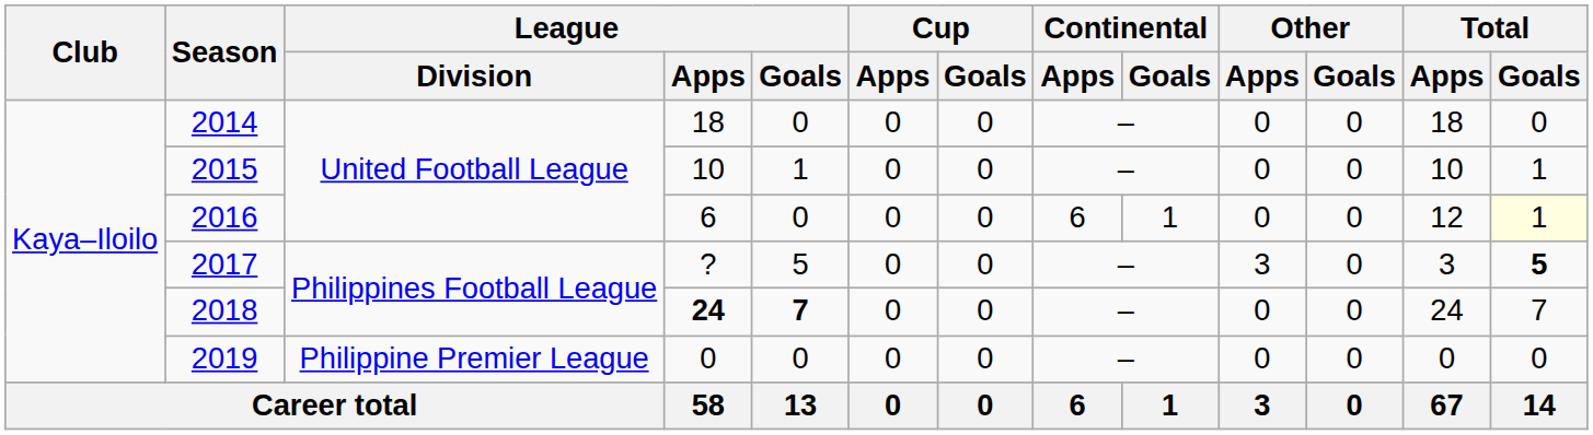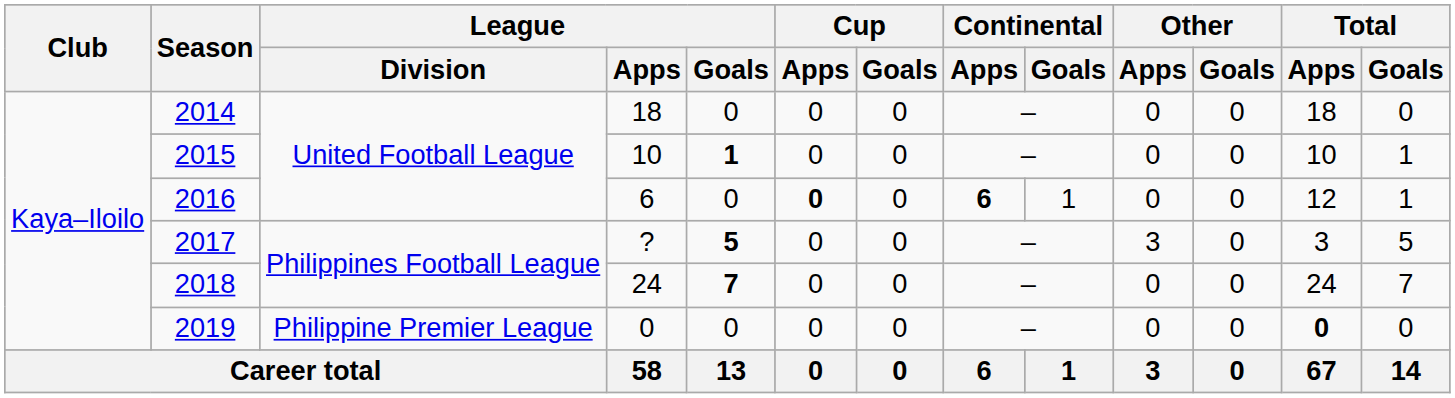 <table class="wikitable" style="text-align: center">
 <tr>
 <th rowspan="2">Club</th>
 <th rowspan="2">Season</th>
 <th colspan="3">League</th>
 <th colspan="2">Cup</th>
 <th colspan="2">Continental</th>
 <th colspan="2">Other</th>
 <th colspan="2">Total</th>
 </tr>
 <tr>
 <th>Division</th>
 <th>Apps</th>
 <th>Goals</th>
 <th>Apps</th>
 <th>Goals</th>
 <th>Apps</th>
 <th>Goals</th>
 <th>Apps</th>
 <th>Goals</th>
 <th>Apps</th>
 <th>Goals</th>
 </tr>
 <tr>
 <td rowspan="6"><a href='#'>Kaya–Iloilo</a></td>
 <td><a href='#'>2014</a></td>
 <td rowspan="3"><a href='#'>United Football League</a></td>
 <td>18</td>
 <td>0</td>
 <td>0</td>
 <td>0</td>
 <td colspan="2">–</td>
 <td>0</td>
 <td>0</td>
 <td>18</td>
 <td>0</td>
 </tr>
 <tr>
 <td><a href='#'>2015</a></td>
 <td>10</td>
-<td>1</td>
+<td><strong>1</strong></td>
 <td>0</td>
 <td>0</td>
 <td colspan="2">–</td>
 <td>0</td>
 <td>0</td>
 <td>10</td>
 <td>1</td>
 </tr>
 <tr>
 <td><a href='#'>2016</a></td>
 <td>6</td>
 <td>0</td>
+<td><strong>0</strong></td>
 <td>0</td>
-<td>0</td>
-<td>6</td>
+<td><strong>6</strong></td>
 <td>1</td>
 <td>0</td>
 <td>0</td>
 <td>12</td>
-<td style="background: lightyellow;">1</td>
+<td>1</td>
 </tr>
 <tr>
 <td><a href='#'>2017</a></td>
 <td rowspan="2"><a href='#'>Philippines Football League</a></td>
 <td>?</td>
-<td>5</td>
+<td><strong>5</strong></td>
 <td>0</td>
 <td>0</td>
 <td colspan="2">–</td>
 <td>3</td>
 <td>0</td>
 <td>3</td>
-<td><strong>5</strong></td>
+<td>5</td>
 </tr>
 <tr>
 <td><a href='#'>2018</a></td>
-<td><strong>24</strong></td>
+<td>24</td>
 <td><strong>7</strong></td>
 <td>0</td>
 <td>0</td>
 <td colspan="2">–</td>
 <td>0</td>
 <td>0</td>
 <td>24</td>
 <td>7</td>
 </tr>
 <tr>
 <td><a href='#'>2019</a></td>
 <td><a href='#'>Philippine Premier League</a></td>
 <td>0</td>
 <td>0</td>
 <td>0</td>
 <td>0</td>
 <td colspan="2">–</td>
 <td>0</td>
 <td>0</td>
-<td>0</td>
+<td><strong>0</strong></td>
 <td>0</td>
 </tr>
 <tr>
 <th colspan=3>Career total</th>
 <th>58</th>
 <th>13</th>
 <th>0</th>
 <th>0</th>
 <th>6</th>
 <th>1</th>
 <th>3</th>
 <th>0</th>
 <th>67</th>
 <th>14</th>
 </tr>
 </table>
